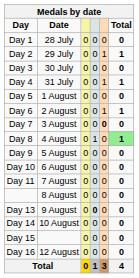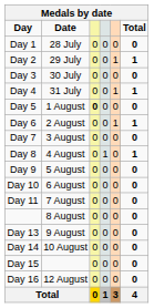 <table class=wikitable style="font-size:85%">
 <tr bgcolor=efefef>
 <th colspan=6><strong>Medals by date</strong></th>
 </tr>
 <tr align=center>
 <td><strong>Day</strong></td>
 <td><strong>Date</strong></td>
 <td bgcolor=#f7f6a8></td>
 <td bgcolor=#dce5e5></td>
 <td bgcolor=#ffdab9></td>
 <td><strong>Total</strong></td>
 </tr>
 <tr align=center>
 <td>Day 1</td>
 <td>28 July</td>
 <td bgcolor=F7F6A8>0</td>
 <td bgcolor=DCE5E5>0</td>
 <td bgcolor=FFDAB9>0</td>
 <td><strong>0</strong></td>
 </tr>
 <tr align=center>
 <td>Day 2</td>
 <td>29 July</td>
 <td bgcolor=F7F6A8>0</td>
 <td bgcolor=DCE5E5>0</td>
 <td bgcolor=FFDAB9>1</td>
 <td><strong>1</strong></td>
 </tr>
 <tr align=center>
 <td>Day 3</td>
 <td>30 July</td>
 <td bgcolor=F7F6A8>0</td>
 <td bgcolor=DCE5E5>0</td>
 <td bgcolor=FFDAB9>0</td>
 <td><strong>0</strong></td>
 </tr>
 <tr align=center>
 <td>Day 4</td>
 <td>31 July</td>
 <td bgcolor=F7F6A8>0</td>
 <td bgcolor=DCE5E5>0</td>
 <td bgcolor=FFDAB9>1</td>
 <td><strong>1</strong></td>
 </tr>
 <tr align=center>
 <td>Day 5</td>
 <td>1 August</td>
-<td bgcolor=F7F6A8>0</td>
+<td bgcolor=F7F6A8><strong>0</strong></td>
 <td bgcolor=DCE5E5>0</td>
 <td bgcolor=FFDAB9>0</td>
 <td><strong>0</strong></td>
 </tr>
 <tr align=center>
 <td>Day 6</td>
 <td>2 August</td>
 <td bgcolor=F7F6A8>0</td>
 <td bgcolor=DCE5E5>0</td>
 <td bgcolor=FFDAB9>1</td>
 <td><strong>1</strong></td>
 </tr>
 <tr align=center>
 <td>Day 7</td>
 <td>3 August</td>
 <td bgcolor=F7F6A8>0</td>
 <td bgcolor=DCE5E5>0</td>
-<td bgcolor=FFDAB9><strong>0</strong></td>
+<td bgcolor=FFDAB9>0</td>
 <td><strong>0</strong></td>
 </tr>
 <tr align=center>
 <td>Day 8</td>
 <td>4 August</td>
 <td bgcolor=F7F6A8>0</td>
 <td bgcolor=DCE5E5>1</td>
 <td bgcolor=FFDAB9>0</td>
-<td style="background: lightgreen;"><strong>1</strong></td>
+<td><strong>1</strong></td>
 </tr>
 <tr align=center>
 <td>Day 9</td>
 <td>5 August</td>
 <td bgcolor=F7F6A8>0</td>
 <td bgcolor=DCE5E5>0</td>
 <td bgcolor=FFDAB9>0</td>
 <td><strong>0</strong></td>
 </tr>
 <tr align=center>
 <td>Day 10</td>
 <td>6 August</td>
 <td bgcolor=F7F6A8>0</td>
 <td bgcolor=DCE5E5>0</td>
 <td bgcolor=FFDAB9>0</td>
 <td><strong>0</strong></td>
 </tr>
 <tr align=center>
 <td>Day 11</td>
 <td>7 August</td>
 <td bgcolor=F7F6A8>0</td>
 <td bgcolor=DCE5E5>0</td>
 <td bgcolor=FFDAB9>0</td>
 <td><strong>0</strong></td>
 </tr>
 <tr align=center>
 <td></td>
 <td>8 August</td>
 <td bgcolor=F7F6A8>0</td>
 <td bgcolor=DCE5E5>0</td>
 <td bgcolor=FFDAB9>0</td>
 <td><strong>0</strong></td>
 </tr>
 <tr align=center>
 <td>Day 13</td>
 <td>9 August</td>
 <td bgcolor=F7F6A8>0</td>
-<td bgcolor=DCE5E5><strong>0</strong></td>
+<td bgcolor=DCE5E5>0</td>
 <td bgcolor=FFDAB9>0</td>
 <td><strong>0</strong></td>
 </tr>
 <tr align=center>
 <td>Day 14</td>
 <td>10 August</td>
 <td bgcolor=F7F6A8>0</td>
 <td bgcolor=DCE5E5>0</td>
 <td bgcolor=FFDAB9>0</td>
 <td><strong>0</strong></td>
 </tr>
 <tr align=center>
 <td>Day 15</td>
 <td></td>
 <td bgcolor=F7F6A8>0</td>
 <td bgcolor=DCE5E5>0</td>
 <td bgcolor=FFDAB9>0</td>
 <td><strong>0</strong></td>
 </tr>
 <tr align=center>
 <td>Day 16</td>
 <td>12 August</td>
 <td bgcolor=F7F6A8>0</td>
 <td bgcolor=DCE5E5>0</td>
 <td bgcolor=FFDAB9>0</td>
 <td><strong>0</strong></td>
 </tr>
 <tr>
 <th colspan=2><strong>Total</strong></th>
 <th style="background:gold"><strong>0</strong></th>
 <th style="background:silver"><strong>1</strong></th>
 <th style="background:#c96"><strong>3</strong></th>
 <th><strong>4</strong></th>
 </tr>
 </table>
